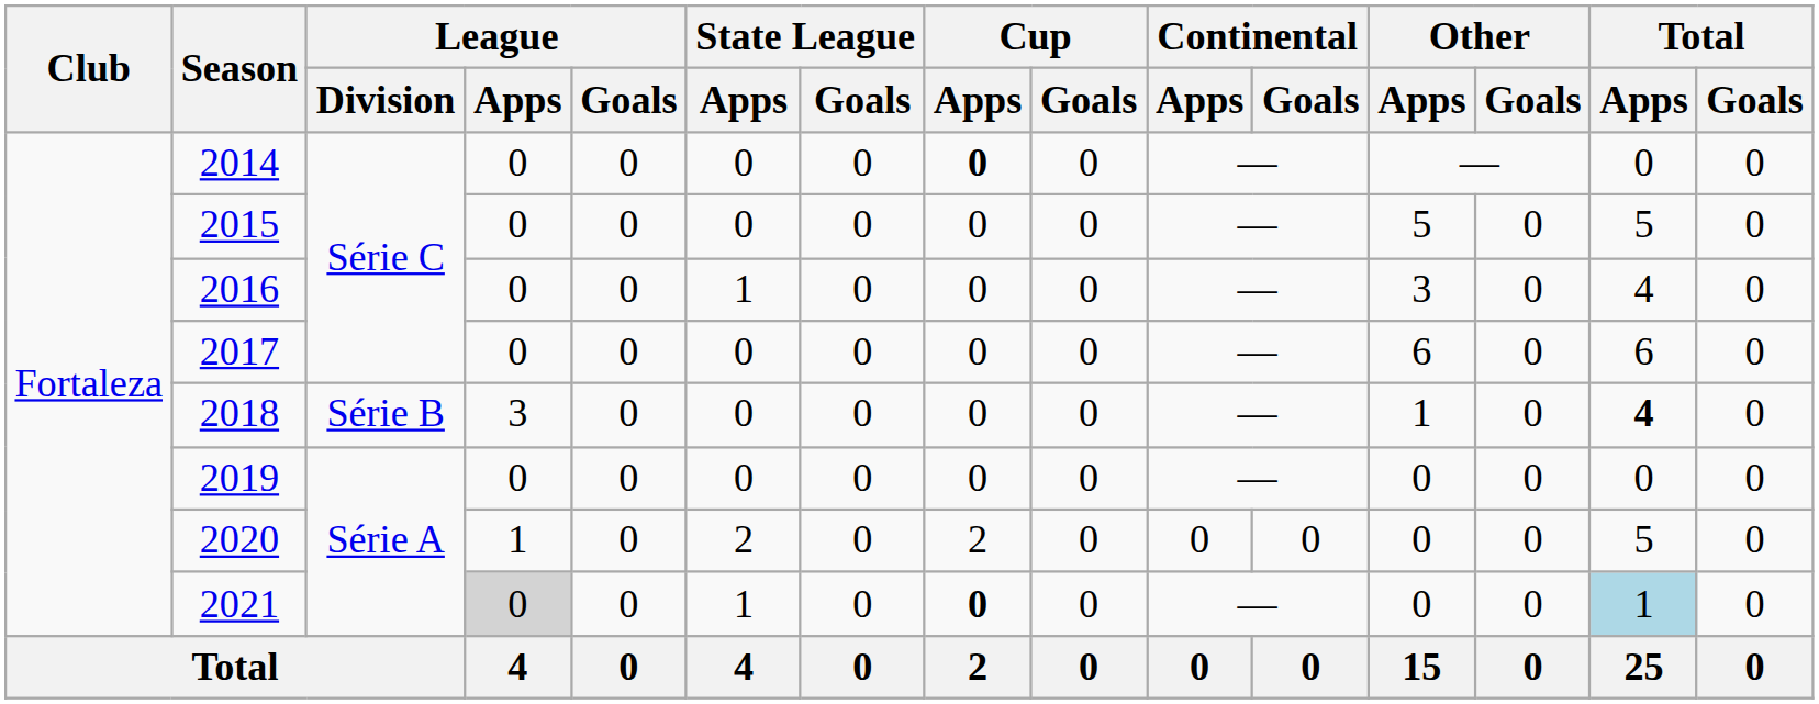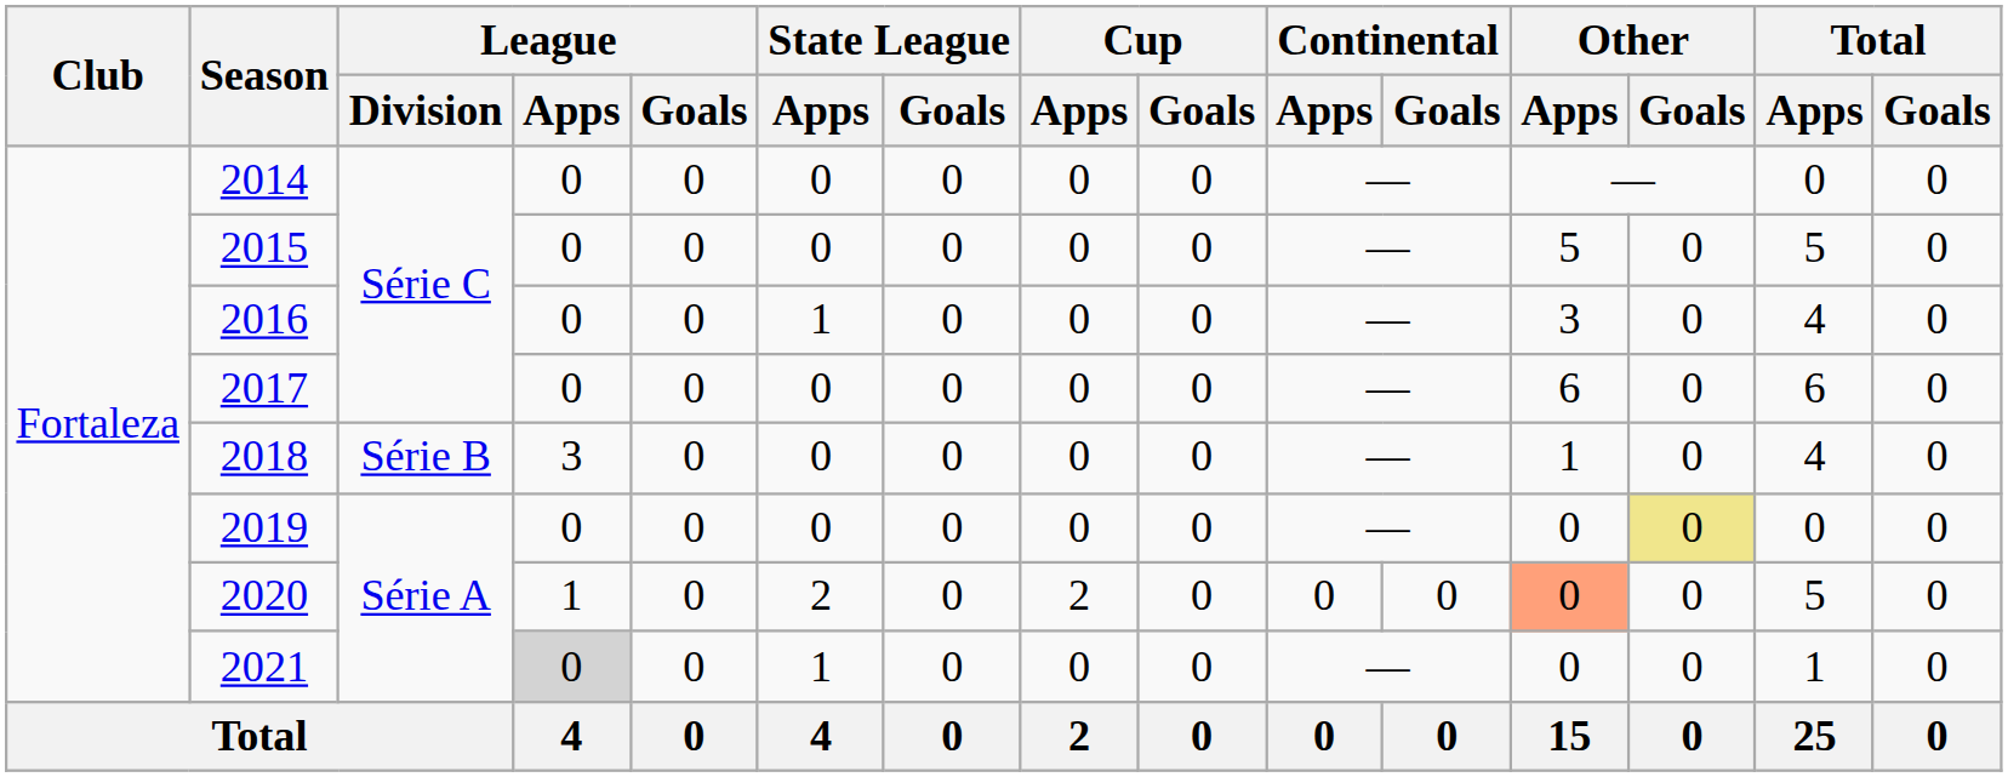 <table class="wikitable" style="text-align: center;">
 <tr>
 <th rowspan="2">Club</th>
 <th rowspan="2">Season</th>
 <th colspan="3">League</th>
 <th colspan="2">State League</th>
 <th colspan="2">Cup</th>
 <th colspan="2">Continental</th>
 <th colspan="2">Other</th>
 <th colspan="2">Total</th>
 </tr>
 <tr>
 <th>Division</th>
 <th>Apps</th>
 <th>Goals</th>
 <th>Apps</th>
 <th>Goals</th>
 <th>Apps</th>
 <th>Goals</th>
 <th>Apps</th>
 <th>Goals</th>
 <th>Apps</th>
 <th>Goals</th>
 <th>Apps</th>
 <th>Goals</th>
 </tr>
 <tr>
 <td rowspan="8" valign="center"><a href='#'>Fortaleza</a></td>
 <td><a href='#'>2014</a></td>
 <td rowspan="4"><a href='#'>Série C</a></td>
 <td>0</td>
 <td>0</td>
 <td>0</td>
 <td>0</td>
-<td><strong>0</strong></td>
+<td>0</td>
 <td>0</td>
 <td colspan="2">—</td>
 <td colspan="2">—</td>
 <td>0</td>
 <td>0</td>
 </tr>
 <tr>
 <td><a href='#'>2015</a></td>
 <td>0</td>
 <td>0</td>
 <td>0</td>
 <td>0</td>
 <td>0</td>
 <td>0</td>
 <td colspan="2">—</td>
 <td>5</td>
 <td>0</td>
 <td>5</td>
 <td>0</td>
 </tr>
 <tr>
 <td><a href='#'>2016</a></td>
 <td>0</td>
 <td>0</td>
 <td>1</td>
 <td>0</td>
 <td>0</td>
 <td>0</td>
 <td colspan="2">—</td>
 <td>3</td>
 <td>0</td>
 <td>4</td>
 <td>0</td>
 </tr>
 <tr>
 <td><a href='#'>2017</a></td>
 <td>0</td>
 <td>0</td>
 <td>0</td>
 <td>0</td>
 <td>0</td>
 <td>0</td>
 <td colspan="2">—</td>
 <td>6</td>
 <td>0</td>
 <td>6</td>
 <td>0</td>
 </tr>
 <tr>
 <td><a href='#'>2018</a></td>
 <td><a href='#'>Série B</a></td>
 <td>3</td>
 <td>0</td>
 <td>0</td>
 <td>0</td>
 <td>0</td>
 <td>0</td>
 <td colspan="2">—</td>
 <td>1</td>
 <td>0</td>
-<td><strong>4</strong></td>
+<td>4</td>
 <td>0</td>
 </tr>
 <tr>
 <td><a href='#'>2019</a></td>
 <td rowspan="3"><a href='#'>Série A</a></td>
 <td>0</td>
 <td>0</td>
 <td>0</td>
 <td>0</td>
 <td>0</td>
 <td>0</td>
 <td colspan="2">—</td>
 <td>0</td>
-<td>0</td>
+<td style="background: khaki;">0</td>
 <td>0</td>
 <td>0</td>
 </tr>
 <tr>
 <td><a href='#'>2020</a></td>
 <td>1</td>
 <td>0</td>
 <td>2</td>
 <td>0</td>
 <td>2</td>
 <td>0</td>
 <td>0</td>
 <td>0</td>
-<td>0</td>
+<td style="background: lightsalmon;">0</td>
 <td>0</td>
 <td>5</td>
 <td>0</td>
 </tr>
 <tr>
 <td><a href='#'>2021</a></td>
 <td style="background: lightgrey;">0</td>
 <td>0</td>
 <td>1</td>
 <td>0</td>
-<td><strong>0</strong></td>
+<td>0</td>
 <td>0</td>
 <td colspan="2">—</td>
 <td>0</td>
 <td>0</td>
-<td style="background: lightblue;">1</td>
+<td>1</td>
 <td>0</td>
 </tr>
 <tr>
 <th colspan="3"><strong>Total</strong></th>
 <th>4</th>
 <th>0</th>
 <th>4</th>
 <th>0</th>
 <th>2</th>
 <th>0</th>
 <th>0</th>
 <th>0</th>
 <th>15</th>
 <th>0</th>
 <th>25</th>
 <th>0</th>
 </tr>
 </table>
